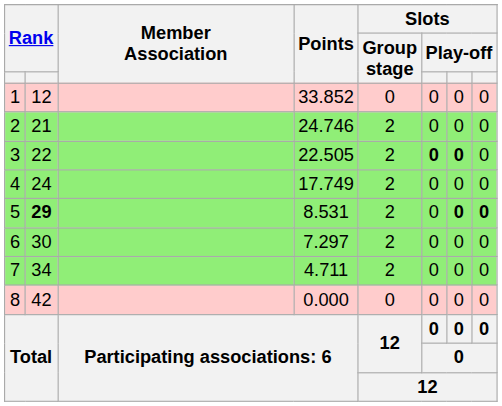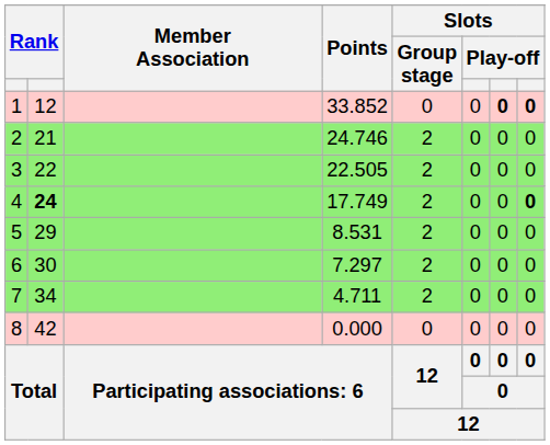 <table class="wikitable" style="text-align:center">
 <tr>
 </tr>
 <tr>
 <th colspan=2 rowspan=2><a href='#'>Rank</a></th>
 <th rowspan=3 width=200>Member<br>Association</th>
 <th rowspan=3>Points</th>
 <th colspan=4>Slots</th>
 </tr>
 <tr>
 <th rowspan=2>Group<br>stage</th>
 <th colspan=4>Play-off</th>
 </tr>
 <tr>
 <th></th>
 <th></th>
 <th></th>
 <th></th>
 <th></th>
 </tr>
 <tr bgcolor=ffcccc>
 <td>1</td>
 <td>12</td>
 <td align=left></td>
 <td>33.852</td>
 <td>0</td>
 <td>0</td>
-<td>0</td>
-<td>0</td>
+<td><strong>0</strong></td>
+<td><strong>0</strong></td>
 </tr>
 <tr bgcolor=#90ee77>
 <td>2</td>
 <td>21</td>
 <td align=left></td>
 <td>24.746</td>
 <td>2</td>
 <td>0</td>
 <td>0</td>
 <td>0</td>
 </tr>
 <tr bgcolor=#90ee77>
 <td>3</td>
 <td>22</td>
 <td align=left></td>
 <td>22.505</td>
 <td>2</td>
-<td><strong>0</strong></td>
-<td><strong>0</strong></td>
+<td>0</td>
+<td>0</td>
 <td>0</td>
 </tr>
 <tr bgcolor=#90ee77>
 <td>4</td>
-<td>24</td>
+<td><strong>24</strong></td>
 <td align=left></td>
 <td>17.749</td>
 <td>2</td>
 <td>0</td>
 <td>0</td>
-<td>0</td>
+<td><strong>0</strong></td>
 </tr>
 <tr bgcolor=#90ee77>
 <td>5</td>
-<td><strong>29</strong></td>
+<td>29</td>
 <td align=left></td>
 <td>8.531</td>
 <td>2</td>
 <td>0</td>
-<td><strong>0</strong></td>
-<td><strong>0</strong></td>
+<td>0</td>
+<td>0</td>
 </tr>
 <tr bgcolor=#90ee77>
 <td>6</td>
 <td>30</td>
 <td align=left></td>
 <td>7.297</td>
 <td>2</td>
 <td>0</td>
 <td>0</td>
 <td>0</td>
 </tr>
 <tr bgcolor=#90ee77>
 <td>7</td>
 <td>34</td>
 <td align=left></td>
 <td>4.711</td>
 <td>2</td>
 <td>0</td>
 <td>0</td>
 <td>0</td>
 </tr>
 <tr bgcolor=ffcccc>
 <td>8</td>
 <td>42</td>
 <td align=left></td>
 <td>0.000</td>
 <td>0</td>
 <td>0</td>
 <td>0</td>
 <td>0</td>
 </tr>
 <tr>
 <th colspan=2 rowspan=3>Total</th>
 <th colspan=2 rowspan=3>Participating associations: 6</th>
 <th rowspan=2>12</th>
 <th>0</th>
 <th>0</th>
 <th>0</th>
 </tr>
 <tr>
 <th colspan=3>0</th>
 </tr>
 <tr>
 <th colspan=4>12</th>
 </tr>
 </table>
